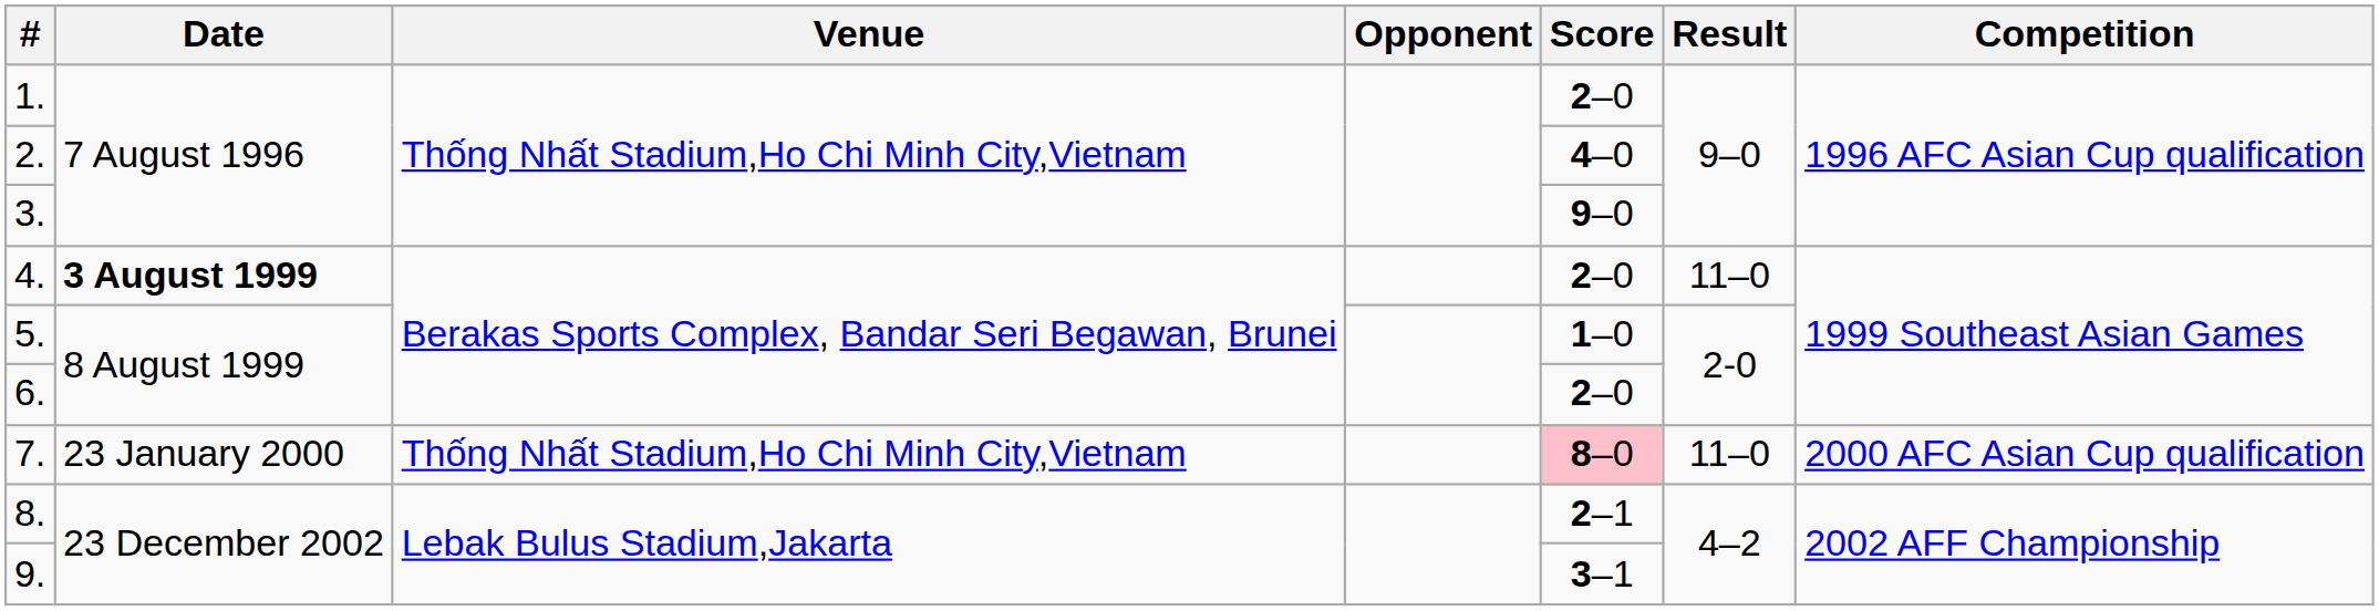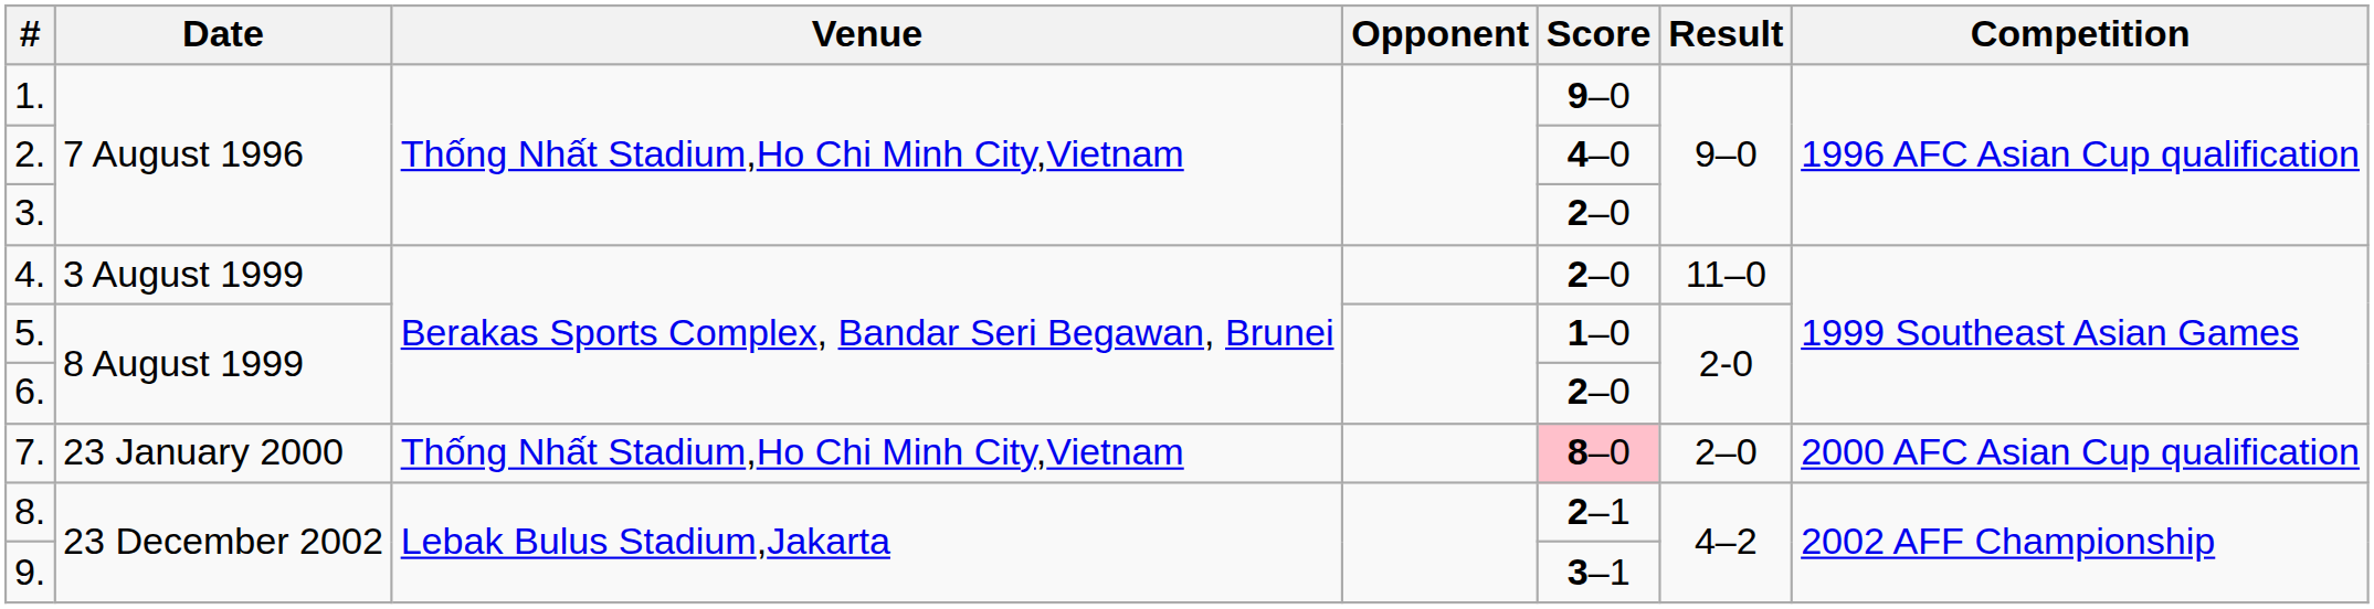 <table class="wikitable">
 <tr>
 <th>#</th>
 <th>Date</th>
 <th>Venue</th>
 <th>Opponent</th>
 <th>Score</th>
 <th>Result</th>
 <th>Competition</th>
 </tr>
 <tr>
 <td>1.</td>
 <td rowspan="3">7 August 1996</td>
 <td rowspan="3"><a href='#'>Thống Nhất Stadium</a>,<a href='#'>Ho Chi Minh City</a>,<a href='#'>Vietnam</a></td>
 <td rowspan="3"></td>
-<td align=center><strong>2</strong>–0</td>
+<td align=center><strong>9</strong>–0</td>
 <td rowspan="3"align=center>9–0</td>
 <td rowspan="3"><a href='#'>1996 AFC Asian Cup qualification</a></td>
 </tr>
 <tr>
 <td>2.</td>
 <td align=center><strong>4</strong>–0</td>
 </tr>
 <tr>
 <td>3.</td>
-<td align=center><strong>9</strong>–0</td>
+<td align=center><strong>2</strong>–0</td>
 </tr>
 <tr>
 <td>4.</td>
-<td><strong>3 August 1999</strong></td>
+<td>3 August 1999</td>
 <td rowspan=3><a href='#'>Berakas Sports Complex</a>, <a href='#'>Bandar Seri Begawan</a>, <a href='#'>Brunei</a></td>
 <td></td>
 <td align=center><strong>2</strong>–0</td>
 <td align=center>11–0</td>
 <td rowspan=3><a href='#'>1999 Southeast Asian Games</a></td>
 </tr>
 <tr>
 <td>5.</td>
 <td rowspan=2>8 August 1999</td>
 <td rowspan=2></td>
 <td align=center><strong>1</strong>–0</td>
 <td rowspan=2 align=center>2-0</td>
 </tr>
 <tr>
 <td>6.</td>
 <td align=center><strong>2</strong>–0</td>
 </tr>
 <tr>
 <td>7.</td>
 <td>23 January 2000</td>
 <td><a href='#'>Thống Nhất Stadium</a>,<a href='#'>Ho Chi Minh City</a>,<a href='#'>Vietnam</a></td>
 <td></td>
 <td align=center style="background: pink;"><strong>8</strong>–0</td>
-<td align=center>11–0</td>
+<td align=center>2–0</td>
 <td><a href='#'>2000 AFC Asian Cup qualification</a></td>
 </tr>
 <tr>
 <td>8.</td>
 <td rowspan=2>23 December 2002</td>
 <td rowspan=2><a href='#'>Lebak Bulus Stadium</a>,<a href='#'>Jakarta</a></td>
 <td rowspan=2></td>
 <td align=center><strong>2</strong>–1</td>
 <td rowspan=2 align=center>4–2</td>
 <td rowspan=2><a href='#'>2002 AFF Championship</a></td>
 </tr>
 <tr>
 <td>9.</td>
 <td align=center><strong>3</strong>–1</td>
 </tr>
 </table>
